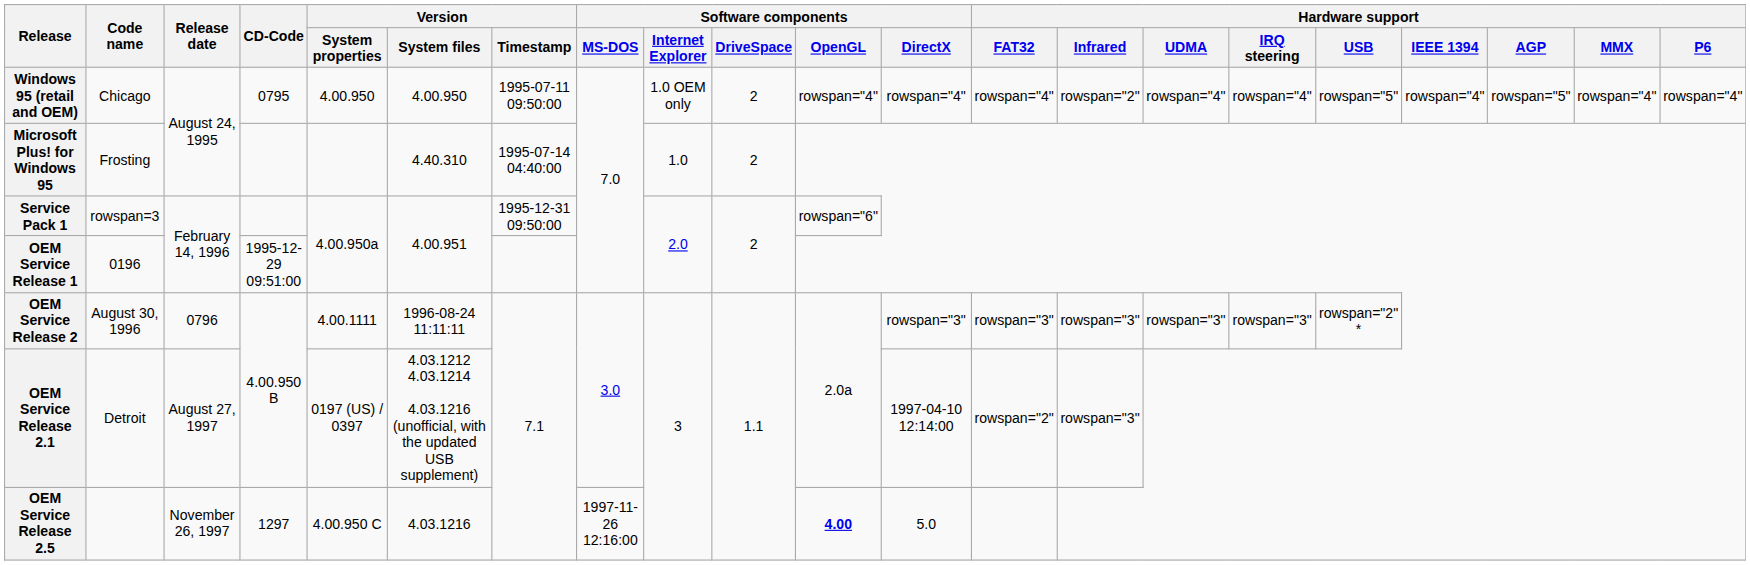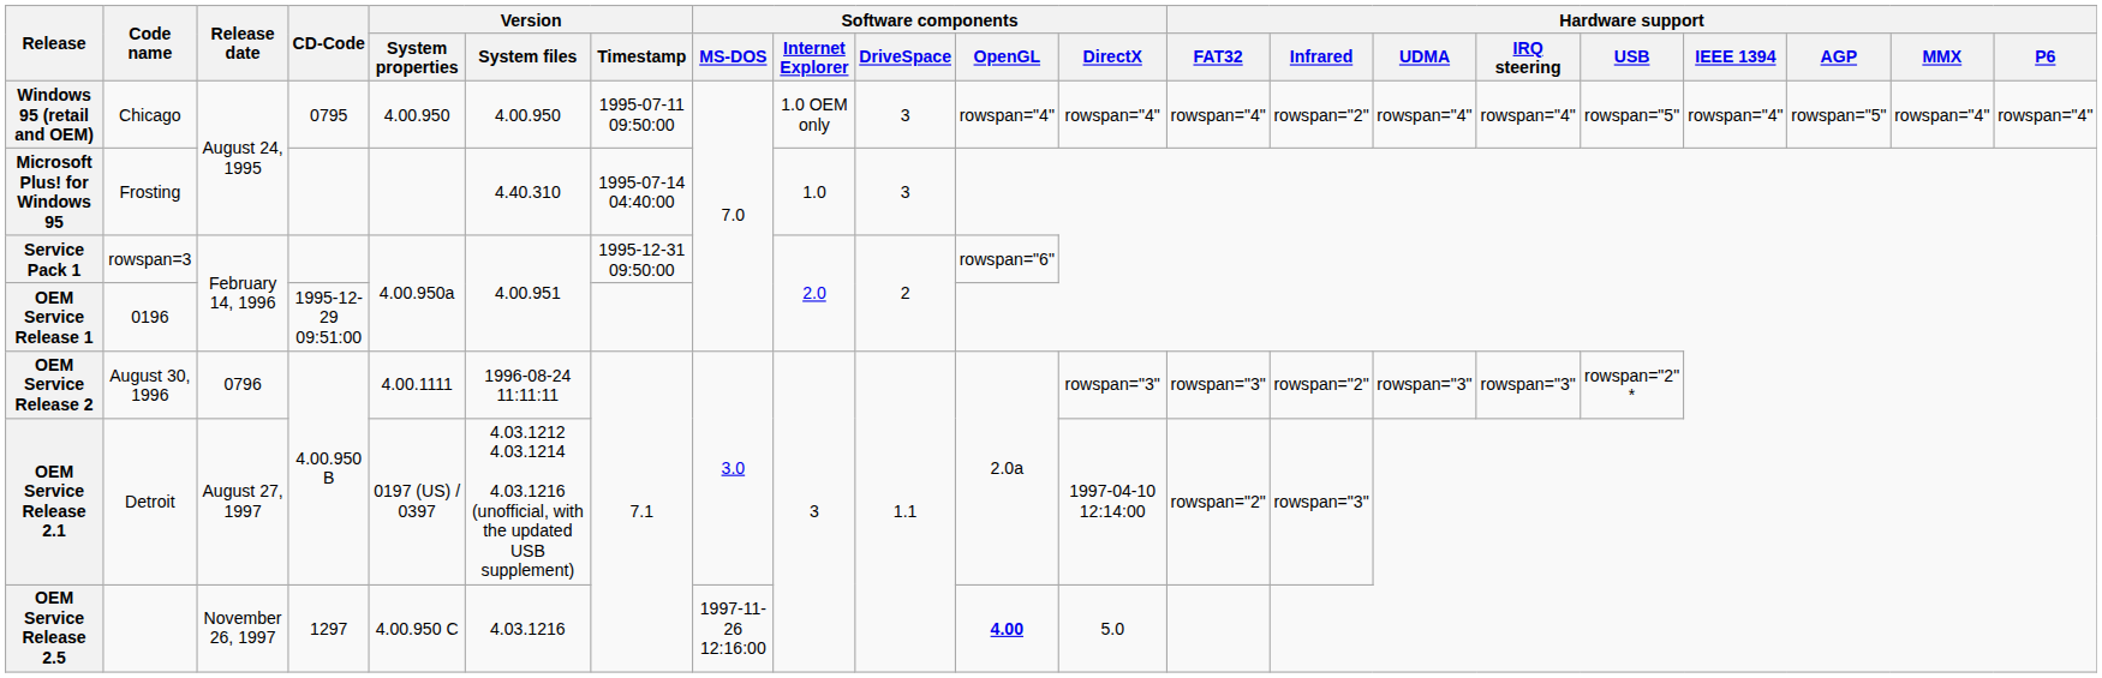 <table class=wikitable style="font-size: 80%; text-align: center; width: 100%">
 <tr>
 <th scope="col" rowspan=2>Release</th>
 <th scope="col" rowspan=2>Code name</th>
 <th scope="col" rowspan=2>Release date</th>
 <th scope="col" rowspan=2>CD-Code</th>
 <th scope="col" colspan=3>Version </th>
 <th scope="col" colspan=5>Software components</th>
 <th scope="col" colspan=9>Hardware support</th>
 </tr>
 <tr>
 <th scope="col">System properties</th>
 <th scope="col">System files</th>
 <th scope="col">Timestamp</th>
 <th scope="col"><a href='#'>MS-DOS</a></th>
 <th scope="col"><a href='#'>Internet Explorer</a></th>
 <th scope="col"><a href='#'>DriveSpace</a></th>
 <th scope="col"><a href='#'>OpenGL</a></th>
 <th scope="col"><a href='#'>DirectX</a></th>
 <th scope="col"><a href='#'>FAT32</a></th>
 <th scope="col"><a href='#'>Infrared</a></th>
 <th scope="col"><a href='#'>UDMA</a></th>
 <th scope="col"><a href='#'>IRQ</a> steering</th>
 <th scope="col"><a href='#'>USB</a></th>
 <th scope="col"><a href='#'>IEEE 1394</a></th>
 <th scope="col"><a href='#'>AGP</a></th>
 <th scope="col"><a href='#'>MMX</a></th>
 <th scope="col"><a href='#'>P6</a></th>
 </tr>
 <tr>
 <th scope="row">Windows 95 (retail and OEM)</th>
 <td>Chicago</td>
 <td rowspan=2>August 24, 1995</td>
 <td>0795</td>
 <td>4.00.950</td>
 <td>4.00.950</td>
 <td>1995-07-11 09:50:00</td>
 <td rowspan="4">7.0</td>
 <td>1.0 OEM only</td>
-<td>2</td>
+<td>3</td>
 <td>rowspan="4" </td>
 <td>rowspan="4" </td>
 <td>rowspan="4" </td>
 <td>rowspan="2" </td>
 <td>rowspan="4" </td>
 <td>rowspan="4" </td>
 <td>rowspan="5" </td>
 <td>rowspan="4" </td>
 <td>rowspan="5" </td>
 <td>rowspan="4" </td>
 <td>rowspan="4" </td>
 </tr>
 <tr>
 <th scope="row">Microsoft Plus! for Windows 95</th>
 <td>Frosting</td>
 <td></td>
 <td></td>
 <td>4.40.310</td>
 <td>1995-07-14 04:40:00</td>
 <td>1.0</td>
-<td>2</td>
+<td>3</td>
 </tr>
 <tr>
 <th scope="row">Service Pack 1</th>
 <td>rowspan=3 </td>
 <td rowspan=2>February 14, 1996</td>
 <td></td>
 <td rowspan="2">4.00.950a </td>
 <td rowspan="2">4.00.951</td>
 <td>1995-12-31 09:50:00</td>
 <td rowspan="2"><a href='#'>2.0</a></td>
 <td rowspan="2">2</td>
 <td>rowspan="6" </td>
 </tr>
 <tr>
 <th scope="row">OEM Service Release 1</th>
 <td>0196</td>
 <td>1995-12-29 09:51:00</td>
 </tr>
 <tr>
 <th scope="row">OEM Service Release 2</th>
 <td>August 30, 1996</td>
 <td>0796</td>
 <td rowspan="2">4.00.950 B </td>
 <td>4.00.1111</td>
 <td>1996-08-24 11:11:11</td>
 <td rowspan="3">7.1</td>
 <td rowspan="2"><a href='#'>3.0</a></td>
 <td rowspan="3">3</td>
 <td rowspan="3">1.1</td>
 <td rowspan="2">2.0a</td>
 <td>rowspan="3" </td>
 <td>rowspan="3" </td>
-<td>rowspan="3" </td>
+<td>rowspan="2" </td>
 <td>rowspan="3" </td>
 <td>rowspan="3" </td>
 <td>rowspan="2" *</td>
 </tr>
 <tr>
 <th scope="row">OEM Service Release 2.1</th>
 <td>Detroit</td>
 <td>August 27, 1997</td>
 <td>0197 (US) / 0397</td>
 <td>4.03.1212<br>4.03.1214<br><br>4.03.1216 (unofficial, with the updated USB supplement)</td>
 <td>1997-04-10 12:14:00</td>
 <td>rowspan="2" </td>
 <td>rowspan="3" </td>
 </tr>
 <tr>
 <th scope="row">OEM Service Release 2.5</th>
 <td></td>
 <td>November 26, 1997</td>
 <td>1297</td>
 <td>4.00.950 C</td>
 <td>4.03.1216</td>
 <td>1997-11-26 12:16:00</td>
 <td><strong><a href='#'>4.00</a></strong></td>
 <td>5.0</td>
 <td></td>
 </tr>
 </table>
